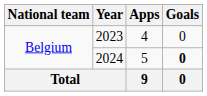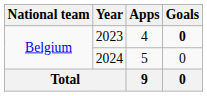 <table class=wikitable style=text-align:center>
 <tr>
 <th>National team</th>
 <th>Year</th>
 <th>Apps</th>
 <th>Goals</th>
 </tr>
 <tr>
 <td rowspan="2"><a href='#'>Belgium</a></td>
 <td>2023</td>
 <td>4</td>
-<td>0</td>
+<td><strong>0</strong></td>
 </tr>
 <tr>
 <td>2024</td>
 <td>5</td>
-<td><strong>0</strong></td>
+<td>0</td>
 </tr>
 <tr>
 <th colspan="2">Total</th>
 <th>9</th>
 <th>0</th>
 </tr>
 </table>
